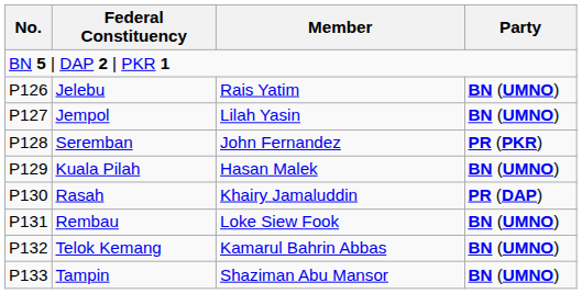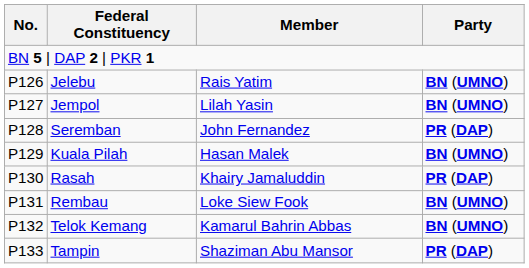 <table class ="wikitable sortable">
 <tr>
 <th style="width:30px;">No.</th>
 <th style="width:150px;">Federal Constituency</th>
 <th style="width:230px;">Member</th>
 <th style="width:100px;">Party</th>
 </tr>
 <tr>
 <td colspan="4"><a href='#'>BN</a> <strong>5</strong> | <a href='#'>DAP</a> <strong>2</strong> | <a href='#'>PKR</a> <strong>1</strong></td>
 </tr>
 <tr>
 <td>P126</td>
 <td><a href='#'>Jelebu</a></td>
 <td><a href='#'>Rais Yatim</a></td>
 <td><strong><a href='#'>BN</a></strong> (<strong><a href='#'>UMNO</a></strong>)</td>
 </tr>
 <tr>
 <td>P127</td>
 <td><a href='#'>Jempol</a></td>
 <td><a href='#'>Lilah Yasin</a></td>
 <td><strong><a href='#'>BN</a></strong> (<strong><a href='#'>UMNO</a></strong>)</td>
 </tr>
 <tr>
 <td>P128</td>
 <td><a href='#'>Seremban</a></td>
 <td><a href='#'>John Fernandez</a></td>
-<td><strong><a href='#'>PR</a></strong> (<strong><a href='#'>PKR</a></strong>)</td>
+<td><strong><a href='#'>PR</a></strong> (<strong><a href='#'>DAP</a></strong>)</td>
 </tr>
 <tr>
 <td>P129</td>
 <td><a href='#'>Kuala Pilah</a></td>
 <td><a href='#'>Hasan Malek</a></td>
 <td><strong><a href='#'>BN</a></strong> (<strong><a href='#'>UMNO</a></strong>)</td>
 </tr>
 <tr>
 <td>P130</td>
 <td><a href='#'>Rasah</a></td>
 <td><a href='#'>Khairy Jamaluddin</a></td>
 <td><strong><a href='#'>PR</a></strong> (<strong><a href='#'>DAP</a></strong>)</td>
 </tr>
 <tr>
 <td>P131</td>
 <td><a href='#'>Rembau</a></td>
 <td><a href='#'>Loke Siew Fook</a></td>
 <td><strong><a href='#'>BN</a></strong> (<strong><a href='#'>UMNO</a></strong>)</td>
 </tr>
 <tr>
 <td>P132</td>
 <td><a href='#'>Telok Kemang</a></td>
 <td><a href='#'>Kamarul Bahrin Abbas</a></td>
 <td><strong><a href='#'>BN</a></strong> (<strong><a href='#'>UMNO</a></strong>)</td>
 </tr>
 <tr>
 <td>P133</td>
 <td><a href='#'>Tampin</a></td>
 <td><a href='#'>Shaziman Abu Mansor</a></td>
-<td><strong><a href='#'>BN</a></strong> (<strong><a href='#'>UMNO</a></strong>)</td>
+<td><strong><a href='#'>PR</a></strong> (<strong><a href='#'>DAP</a></strong>)</td>
 </tr>
 </table>
